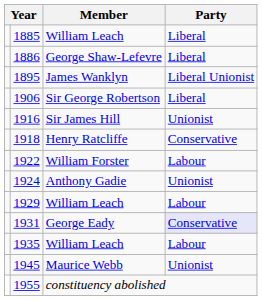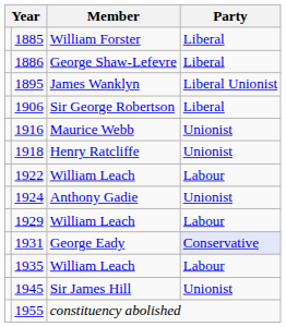 <table class="wikitable">
 <tr>
 <th colspan="2">Year</th>
 <th>Member </th>
 <th>Party </th>
 </tr>
 <tr>
 <td style="color:inherit;background-color: "></td>
 <td><a href='#'>1885</a></td>
-<td><a href='#'>William Leach</a></td>
+<td><a href='#'>William Forster</a></td>
 <td><a href='#'>Liberal</a></td>
 </tr>
 <tr>
 <td style="color:inherit;background-color: "></td>
 <td><a href='#'>1886</a></td>
 <td><a href='#'>George Shaw-Lefevre</a></td>
 <td><a href='#'>Liberal</a></td>
 </tr>
 <tr>
 <td style="color:inherit;background-color: "></td>
 <td><a href='#'>1895</a></td>
 <td><a href='#'>James Wanklyn</a></td>
 <td><a href='#'>Liberal Unionist</a></td>
 </tr>
 <tr>
 <td style="color:inherit;background-color: "></td>
 <td><a href='#'>1906</a></td>
 <td><a href='#'>Sir George Robertson</a></td>
 <td><a href='#'>Liberal</a></td>
 </tr>
 <tr>
 <td style="color:inherit;background-color: "></td>
 <td><a href='#'>1916</a></td>
-<td><a href='#'>Sir James Hill</a></td>
+<td><a href='#'>Maurice Webb</a></td>
 <td><a href='#'>Unionist</a></td>
 </tr>
 <tr>
 <td style="color:inherit;background-color: "></td>
 <td><a href='#'>1918</a></td>
 <td><a href='#'>Henry Ratcliffe</a></td>
-<td><a href='#'>Conservative</a></td>
+<td><a href='#'>Unionist</a></td>
 </tr>
 <tr>
 <td style="color:inherit;background-color: "></td>
 <td><a href='#'>1922</a></td>
-<td><a href='#'>William Forster</a></td>
+<td><a href='#'>William Leach</a></td>
 <td><a href='#'>Labour</a></td>
 </tr>
 <tr>
 <td style="color:inherit;background-color: "></td>
 <td><a href='#'>1924</a></td>
 <td><a href='#'>Anthony Gadie</a></td>
 <td><a href='#'>Unionist</a></td>
 </tr>
 <tr>
 <td style="color:inherit;background-color: "></td>
 <td><a href='#'>1929</a></td>
 <td><a href='#'>William Leach</a></td>
 <td><a href='#'>Labour</a></td>
 </tr>
 <tr>
 <td style="color:inherit;background-color: "></td>
 <td><a href='#'>1931</a></td>
 <td><a href='#'>George Eady</a></td>
 <td style="background: lavender;"><a href='#'>Conservative</a></td>
 </tr>
 <tr>
 <td style="color:inherit;background-color: "></td>
 <td><a href='#'>1935</a></td>
 <td><a href='#'>William Leach</a></td>
 <td><a href='#'>Labour</a></td>
 </tr>
 <tr>
 <td style="color:inherit;background-color: "></td>
 <td><a href='#'>1945</a></td>
-<td><a href='#'>Maurice Webb</a></td>
+<td><a href='#'>Sir James Hill</a></td>
 <td><a href='#'>Unionist</a></td>
 </tr>
 <tr>
 <td style="color:inherit;background-color: white"></td>
 <td><a href='#'>1955</a></td>
 <td colspan="3"><em>constituency abolished</em></td>
 </tr>
 </table>
